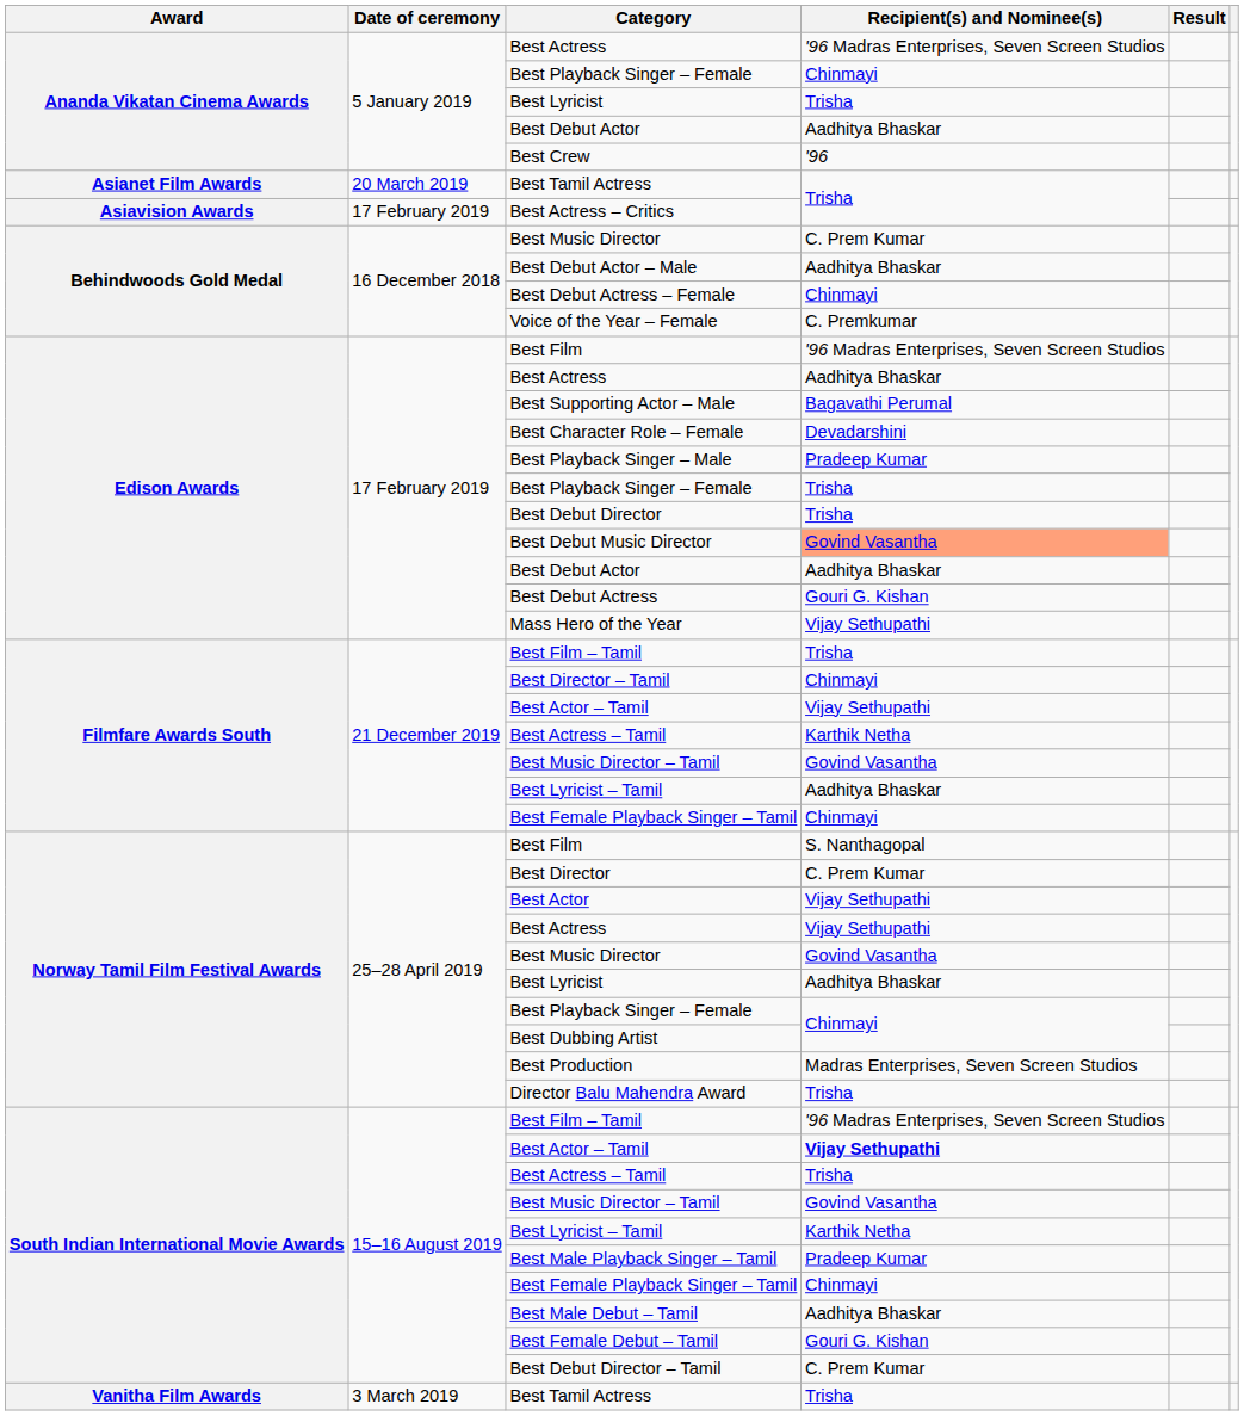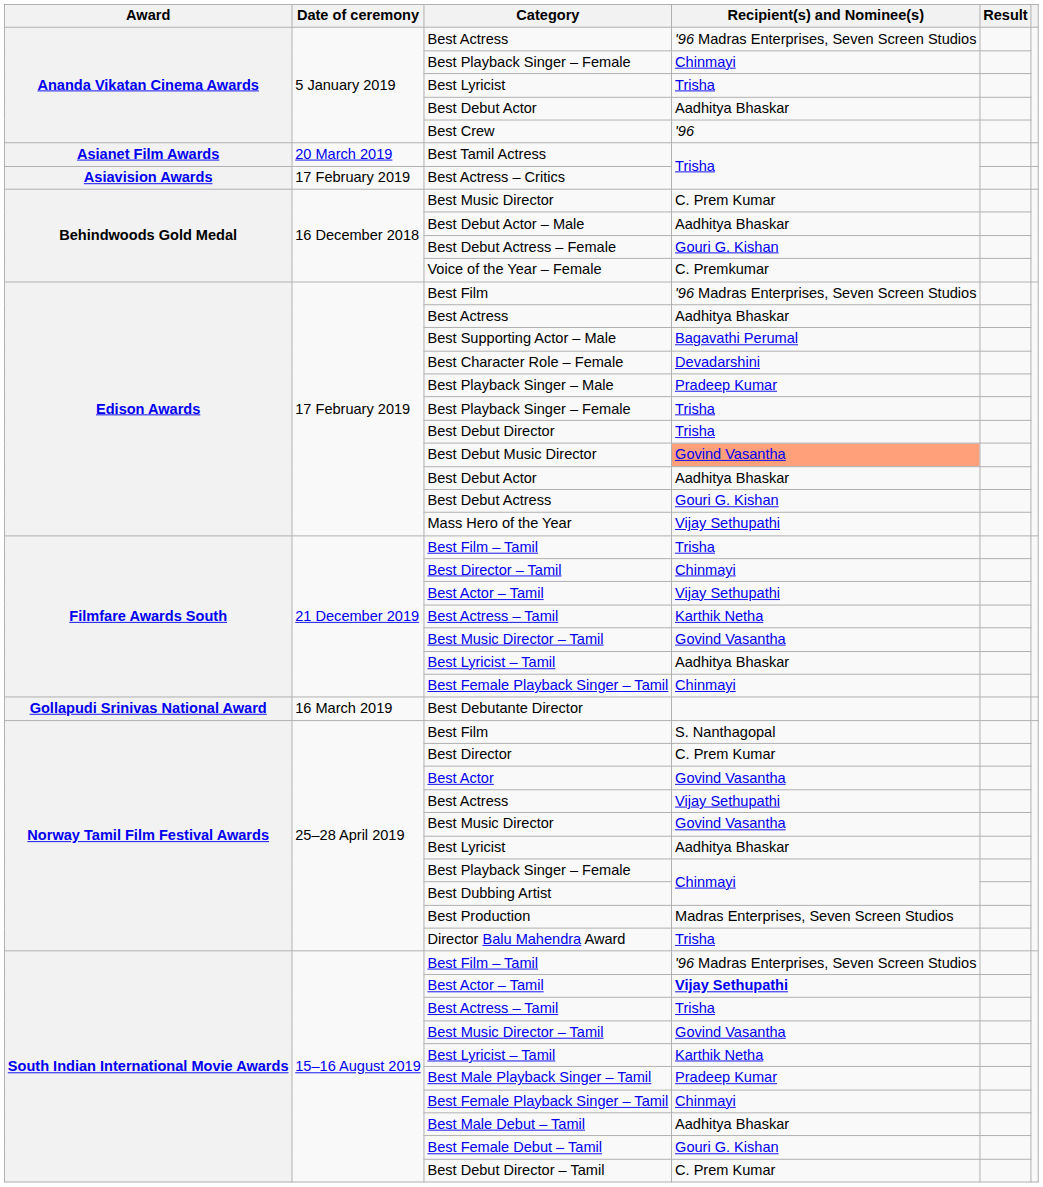 <table class="wikitable plainrowheaders sortable">
 <tr>
 <th>Award</th>
 <th>Date of ceremony</th>
 <th>Category</th>
 <th>Recipient(s) and Nominee(s)</th>
 <th scope="col" class="unsortable">Result</th>
 <th scope="col" class="unsortable"></th>
 </tr>
 <tr>
 <th rowspan="5" scope="row"><a href='#'>Ananda Vikatan Cinema Awards</a></th>
 <td rowspan="5">5 January 2019</td>
 <td>Best Actress</td>
 <td><em>'96</em>  Madras Enterprises, Seven Screen Studios</td>
 <td></td>
 <td rowspan="5" style="text-align:center;"></td>
 </tr>
 <tr>
 <td>Best Playback Singer – Female</td>
 <td><a href='#'>Chinmayi</a></td>
 <td></td>
 </tr>
 <tr>
 <td>Best Lyricist</td>
 <td><a href='#'>Trisha</a></td>
 <td></td>
 </tr>
 <tr>
 <td>Best Debut Actor</td>
 <td>Aadhitya Bhaskar</td>
 <td></td>
 </tr>
 <tr>
 <td>Best Crew</td>
 <td><em>'96</em></td>
 <td></td>
 </tr>
 <tr>
 <th scope="row"><a href='#'>Asianet Film Awards</a></th>
 <td><a href='#'>20 March 2019</a></td>
 <td>Best Tamil Actress</td>
 <td rowspan="2"><a href='#'>Trisha</a></td>
 <td></td>
 <td style="text-align:center;"></td>
 </tr>
 <tr>
 <th scope="row"><a href='#'>Asiavision Awards</a></th>
 <td>17 February 2019</td>
 <td>Best Actress – Critics</td>
 <td></td>
 <td style="text-align:center;"><br></td>
 </tr>
 <tr>
 <th rowspan="4" scope="row">Behindwoods Gold Medal</th>
 <td rowspan="4">16 December 2018</td>
 <td>Best Music Director</td>
 <td>C. Prem Kumar</td>
 <td></td>
 <td rowspan="4" style="text-align:center;"><br></td>
 </tr>
 <tr>
 <td>Best Debut Actor – Male</td>
 <td>Aadhitya Bhaskar</td>
 <td></td>
 </tr>
 <tr>
 <td>Best Debut Actress – Female</td>
-<td><a href='#'>Chinmayi</a></td>
+<td><a href='#'>Gouri G. Kishan</a></td>
 <td></td>
 </tr>
 <tr>
 <td>Voice of the Year – Female</td>
 <td>C. Premkumar</td>
 <td></td>
 </tr>
 <tr>
 <th rowspan="11" scope="row"><a href='#'>Edison Awards</a></th>
 <td rowspan="11">17 February 2019</td>
 <td>Best Film</td>
 <td><em>'96</em>  Madras Enterprises, Seven Screen Studios</td>
 <td></td>
 <td rowspan="11" style="text-align:center;"><br></td>
 </tr>
 <tr>
 <td>Best Actress</td>
 <td>Aadhitya Bhaskar</td>
 <td></td>
 </tr>
 <tr>
 <td>Best Supporting Actor – Male</td>
 <td><a href='#'>Bagavathi Perumal</a></td>
 <td></td>
 </tr>
 <tr>
 <td>Best Character Role – Female</td>
 <td><a href='#'>Devadarshini</a></td>
 <td></td>
 </tr>
 <tr>
 <td>Best Playback Singer – Male</td>
 <td><a href='#'>Pradeep Kumar</a></td>
 <td></td>
 </tr>
 <tr>
 <td>Best Playback Singer – Female</td>
 <td><a href='#'>Trisha</a></td>
 <td></td>
 </tr>
 <tr>
 <td>Best Debut Director</td>
 <td><a href='#'>Trisha</a></td>
 <td></td>
 </tr>
 <tr>
 <td>Best Debut Music Director</td>
 <td style="background: lightsalmon;"><a href='#'>Govind Vasantha</a></td>
 <td></td>
 </tr>
 <tr>
 <td>Best Debut Actor</td>
 <td>Aadhitya Bhaskar</td>
 <td></td>
 </tr>
 <tr>
 <td>Best Debut Actress</td>
 <td><a href='#'>Gouri G. Kishan</a></td>
 <td></td>
 </tr>
 <tr>
 <td>Mass Hero of the Year</td>
 <td><a href='#'>Vijay Sethupathi</a></td>
 <td></td>
 </tr>
 <tr>
 <th rowspan="7" scope="row"><a href='#'>Filmfare Awards South</a></th>
 <td rowspan="7"><a href='#'>21 December 2019</a></td>
 <td><a href='#'>Best Film – Tamil</a></td>
 <td><a href='#'>Trisha</a></td>
 <td></td>
 <td rowspan="7" style="text-align:center;"><br></td>
 </tr>
 <tr>
 <td><a href='#'>Best Director – Tamil</a></td>
 <td><a href='#'>Chinmayi</a></td>
 <td></td>
 </tr>
 <tr>
 <td><a href='#'>Best Actor – Tamil</a></td>
 <td><a href='#'>Vijay Sethupathi</a></td>
 <td></td>
 </tr>
 <tr>
 <td><a href='#'>Best Actress – Tamil</a></td>
 <td><a href='#'>Karthik Netha</a></td>
 <td></td>
 </tr>
 <tr>
 <td><a href='#'>Best Music Director – Tamil</a></td>
 <td><a href='#'>Govind Vasantha</a></td>
 <td></td>
 </tr>
 <tr>
 <td><a href='#'>Best Lyricist – Tamil</a></td>
 <td>Aadhitya Bhaskar</td>
 <td></td>
 </tr>
 <tr>
 <td><a href='#'>Best Female Playback Singer – Tamil</a></td>
 <td><a href='#'>Chinmayi</a></td>
 <td></td>
 </tr>
 <tr>
+<th scope="row"><a href='#'>Gollapudi Srinivas National Award</a></th>
+<td>16 March 2019</td>
+<td>Best Debutante Director</td>
+<td></td>
+<td></td>
+<td style="text-align:center"></td>
+</tr>
+<tr>
 <th rowspan="10" scope="row"><a href='#'>Norway Tamil Film Festival Awards</a></th>
 <td rowspan="10">25–28 April 2019</td>
 <td>Best Film</td>
 <td>S. Nanthagopal</td>
 <td></td>
 <td rowspan="10" style="text-align:center;"><br></td>
 </tr>
 <tr>
 <td>Best Director</td>
 <td>C. Prem Kumar</td>
 <td></td>
 </tr>
 <tr>
 <td><a href='#'>Best Actor</a></td>
-<td><a href='#'>Vijay Sethupathi</a></td>
+<td><a href='#'>Govind Vasantha</a></td>
 <td></td>
 </tr>
 <tr>
 <td>Best Actress</td>
 <td><a href='#'>Vijay Sethupathi</a></td>
 <td></td>
 </tr>
 <tr>
 <td>Best Music Director</td>
 <td><a href='#'>Govind Vasantha</a></td>
 <td></td>
 </tr>
 <tr>
 <td>Best Lyricist</td>
 <td>Aadhitya Bhaskar</td>
 <td></td>
 </tr>
 <tr>
 <td>Best Playback Singer – Female</td>
 <td rowspan="2"><a href='#'>Chinmayi</a></td>
 <td></td>
 </tr>
 <tr>
 <td>Best Dubbing Artist</td>
 <td></td>
 </tr>
 <tr>
 <td>Best Production</td>
 <td>Madras Enterprises, Seven Screen Studios</td>
 <td></td>
 </tr>
 <tr>
 <td>Director <a href='#'>Balu Mahendra</a> Award</td>
 <td><a href='#'>Trisha</a></td>
 <td></td>
 </tr>
 <tr>
 <th rowspan="10" scope="row"><a href='#'>South Indian International Movie Awards</a></th>
 <td rowspan="10"><a href='#'>15–16 August 2019</a></td>
 <td><a href='#'>Best Film – Tamil</a></td>
 <td><em>'96</em>  Madras Enterprises, Seven Screen Studios</td>
 <td></td>
 <td rowspan="10" style="text-align:center;"><br><br></td>
 </tr>
 <tr>
 <td><a href='#'>Best Actor – Tamil</a></td>
 <td><strong><a href='#'>Vijay Sethupathi</a></strong></td>
 <td></td>
 </tr>
 <tr>
 <td><a href='#'>Best Actress – Tamil</a></td>
 <td><a href='#'>Trisha</a></td>
 <td></td>
 </tr>
 <tr>
 <td><a href='#'>Best Music Director – Tamil</a></td>
 <td><a href='#'>Govind Vasantha</a></td>
 <td></td>
 </tr>
 <tr>
 <td><a href='#'>Best Lyricist – Tamil</a></td>
 <td><a href='#'>Karthik Netha</a></td>
 <td></td>
 </tr>
 <tr>
 <td><a href='#'>Best Male Playback Singer – Tamil</a></td>
 <td><a href='#'>Pradeep Kumar</a></td>
 <td></td>
 </tr>
 <tr>
 <td><a href='#'>Best Female Playback Singer – Tamil</a></td>
 <td><a href='#'>Chinmayi</a></td>
 <td></td>
 </tr>
 <tr>
 <td><a href='#'>Best Male Debut – Tamil</a></td>
 <td>Aadhitya Bhaskar</td>
 <td></td>
 </tr>
 <tr>
 <td><a href='#'>Best Female Debut – Tamil</a></td>
 <td><a href='#'>Gouri G. Kishan</a></td>
 <td></td>
 </tr>
 <tr>
 <td>Best Debut Director – Tamil</td>
 <td>C. Prem Kumar</td>
 <td></td>
 </tr>
-<tr>
-<th scope="row"><a href='#'>Vanitha Film Awards</a></th>
-<td>3 March 2019</td>
-<td>Best Tamil Actress</td>
-<td><a href='#'>Trisha</a></td>
-<td></td>
-<td style="text-align:center;"></td>
-</tr>
 </table>
